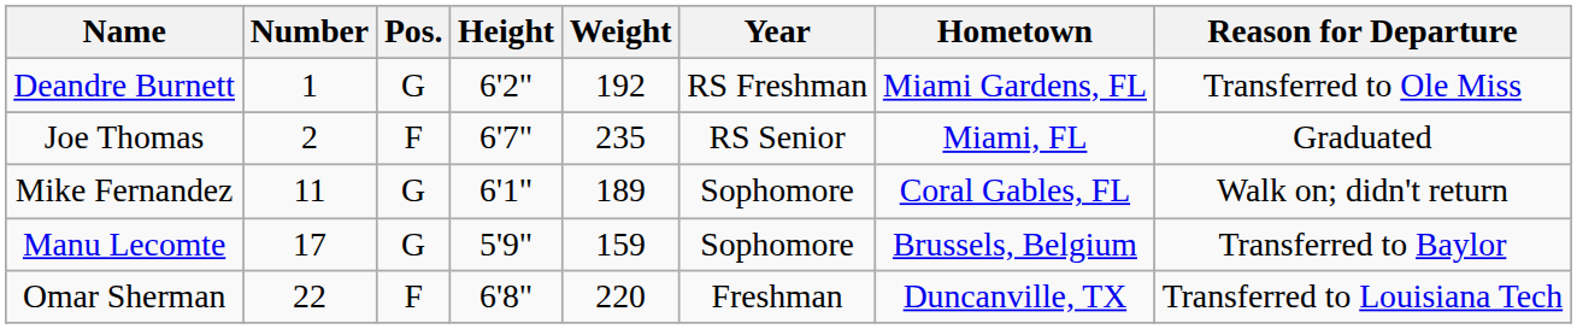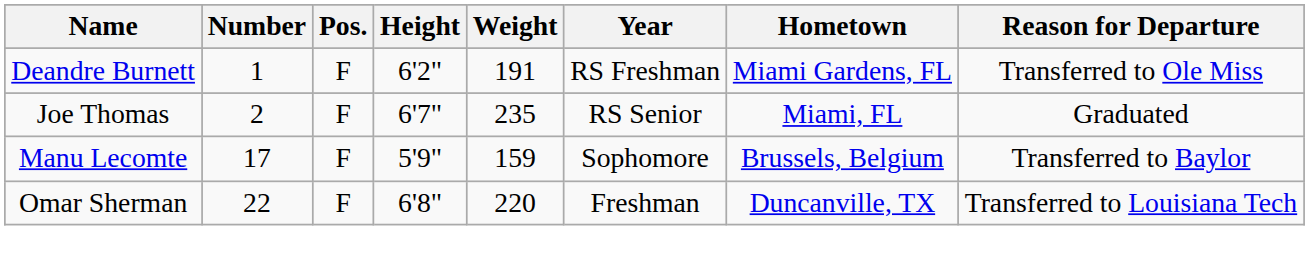 <table class="wikitable sortable" border="1" style="text-align:center;">
 <tr align=center>
 <th>Name</th>
 <th>Number</th>
 <th>Pos.</th>
 <th>Height</th>
 <th>Weight</th>
 <th>Year</th>
 <th>Hometown</th>
 <th>Reason for Departure</th>
 </tr>
 <tr>
 <td><a href='#'>Deandre Burnett</a></td>
 <td>1</td>
-<td>G</td>
+<td>F</td>
 <td>6'2"</td>
-<td>192</td>
+<td>191</td>
 <td>RS Freshman</td>
 <td><a href='#'>Miami Gardens, FL</a></td>
 <td>Transferred to <a href='#'>Ole Miss</a></td>
 </tr>
 <tr>
 <td>Joe Thomas</td>
 <td>2</td>
 <td>F</td>
 <td>6'7"</td>
 <td>235</td>
 <td>RS Senior</td>
 <td><a href='#'>Miami, FL</a></td>
 <td>Graduated</td>
 </tr>
 <tr>
-<td>Mike Fernandez</td>
-<td>11</td>
-<td>G</td>
-<td>6'1"</td>
-<td>189</td>
-<td>Sophomore</td>
-<td><a href='#'>Coral Gables, FL</a></td>
-<td>Walk on; didn't return</td>
-</tr>
-<tr>
 <td><a href='#'>Manu Lecomte</a></td>
 <td>17</td>
-<td>G</td>
+<td>F</td>
 <td>5'9"</td>
 <td>159</td>
 <td>Sophomore</td>
 <td><a href='#'>Brussels, Belgium</a></td>
 <td>Transferred to <a href='#'>Baylor</a></td>
 </tr>
 <tr>
 <td>Omar Sherman</td>
 <td>22</td>
 <td>F</td>
 <td>6'8"</td>
 <td>220</td>
 <td>Freshman</td>
 <td><a href='#'>Duncanville, TX</a></td>
 <td>Transferred to <a href='#'>Louisiana Tech</a></td>
 </tr>
 </table>
